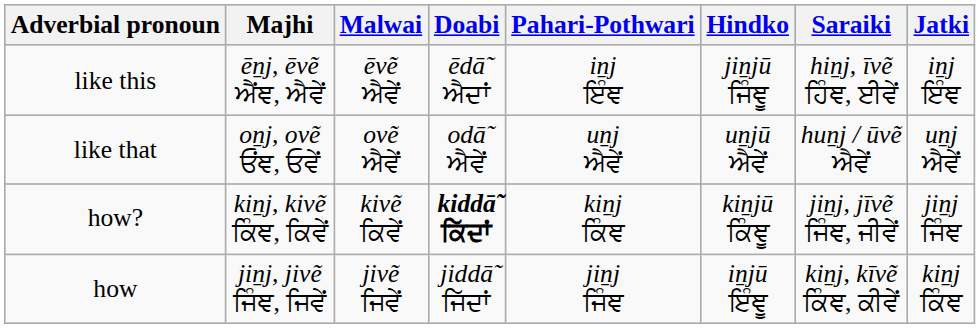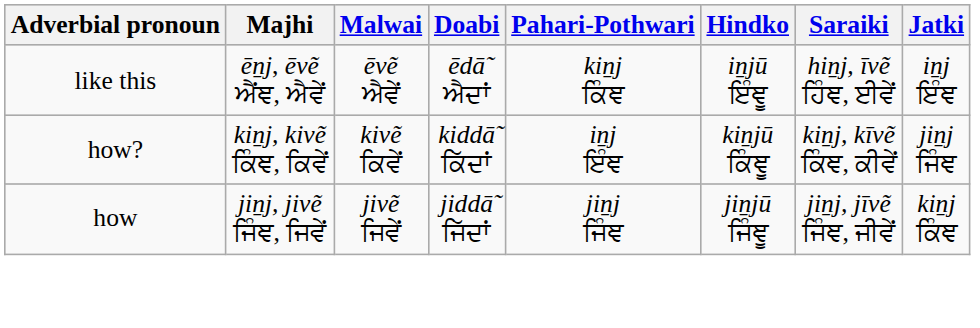 <table class="wikitable" style="text-align:center">
 <tr>
 <th>Adverbial pronoun</th>
 <th>Majhi</th>
 <th><a href='#'>Malwai</a></th>
 <th><a href='#'>Doabi</a></th>
 <th><a href='#'>Pahari-Pothwari</a></th>
 <th><a href='#'>Hindko</a></th>
 <th><a href='#'>Saraiki</a></th>
 <th><a href='#'>Jatki</a></th>
 </tr>
 <tr>
 <td>like this</td>
 <td><em>ēṉj</em>, <em>ēvẽ</em><br>ਐਂਞ, ਐਵੇਂ<br> </td>
 <td><em>ēvẽ</em><br>ਐਵੇਂ<br> </td>
 <td><em>ēdā̃</em><br>ਐਦਾਂ<br> </td>
-<td><em>iṉj</em><br>ਇੰਞ<br> </td>
-<td><em>jiṉjū</em><br>ਜਿੰਞੂ<br> </td>
+<td><em>kiṉj</em><br>ਕਿੰਞ<br> </td>
+<td><em>iṉjū</em><br>ਇੰਞੂ<br> </td>
 <td><em>hiṉj, īvẽ</em><br>ਹਿੰਞ, ਈਵੇਂ<br> </td>
 <td><em>iṉj</em><br>ਇੰਞ<br> </td>
-</tr>
-<tr>
-<td>like that</td>
-<td><em>oṉj, ovẽ</em><br>ਓਂਞ, ਓਵੇਂ<br> </td>
-<td><em>ovẽ</em><br>ਐਵੇਂ<br> </td>
-<td><em>odā̃</em><br>ਐਵੇਂ<br> </td>
-<td><em>uṉj</em><br>ਐਵੇਂ<br> </td>
-<td><em>uṉjū</em><br>ਐਵੇਂ<br> </td>
-<td><em>huṉj / ūvẽ</em><br>ਐਵੇਂ<br> </td>
-<td><em>uṉj</em><br>ਐਵੇਂ<br> </td>
 </tr>
 <tr>
 <td>how?</td>
 <td><em>kiṉj, kivẽ</em><br>ਕਿੰਞ, ਕਿਵੇਂ<br> </td>
 <td><em>kivẽ</em><br>ਕਿਵੇਂ<br> </td>
-<td><strong><em>kiddā̃</em><br>ਕਿੱਦਾਂ<br> </strong></td>
-<td><em>kiṉj</em><br>ਕਿੰਞ<br> </td>
+<td><em>kiddā̃</em><br>ਕਿੱਦਾਂ<br> </td>
+<td><em>iṉj</em><br>ਇੰਞ<br> </td>
 <td><em>kiṉjū</em><br>ਕਿੰਞੂ<br> </td>
-<td><em>jiṉj, jīvẽ</em><br>ਜਿੰਞ, ਜੀਵੇਂ<br> </td>
+<td><em>kiṉj, kīvẽ</em><br>ਕਿੰਞ, ਕੀਵੇਂ<br> </td>
 <td><em>jiṉj</em><br>ਜਿੰਞ<br> </td>
 </tr>
 <tr>
 <td>how</td>
 <td><em>jiṉj, jivẽ</em><br>ਜਿੰਞ, ਜਿਵੇਂ<br> </td>
 <td><em>jivẽ</em><br>ਜਿਵੇਂ<br> </td>
 <td><em>jiddā̃</em><br>ਜਿੱਦਾਂ<br> </td>
 <td><em>jiṉj</em><br>ਜਿੰਞ<br> </td>
-<td><em>iṉjū</em><br>ਇੰਞੂ<br> </td>
-<td><em>kiṉj, kīvẽ</em><br>ਕਿੰਞ, ਕੀਵੇਂ<br> </td>
+<td><em>jiṉjū</em><br>ਜਿੰਞੂ<br> </td>
+<td><em>jiṉj, jīvẽ</em><br>ਜਿੰਞ, ਜੀਵੇਂ<br> </td>
 <td><em>kiṉj</em><br>ਕਿੰਞ<br> </td>
 </tr>
 </table>
